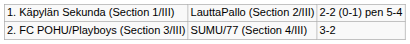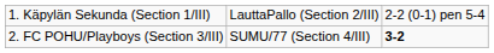 <table class="wikitable">
 <tr>
 <td>1. Käpylän Sekunda (Section 1/III)</td>
 <td>LauttaPallo (Section 2/III)</td>
 <td>2-2 (0-1) pen 5-4</td>
 </tr>
 <tr>
 <td>2. FC POHU/Playboys (Section 3/III)</td>
 <td>SUMU/77 (Section 4/III)</td>
-<td>3-2</td>
+<td><strong>3-2</strong></td>
 </tr>
 </table>
